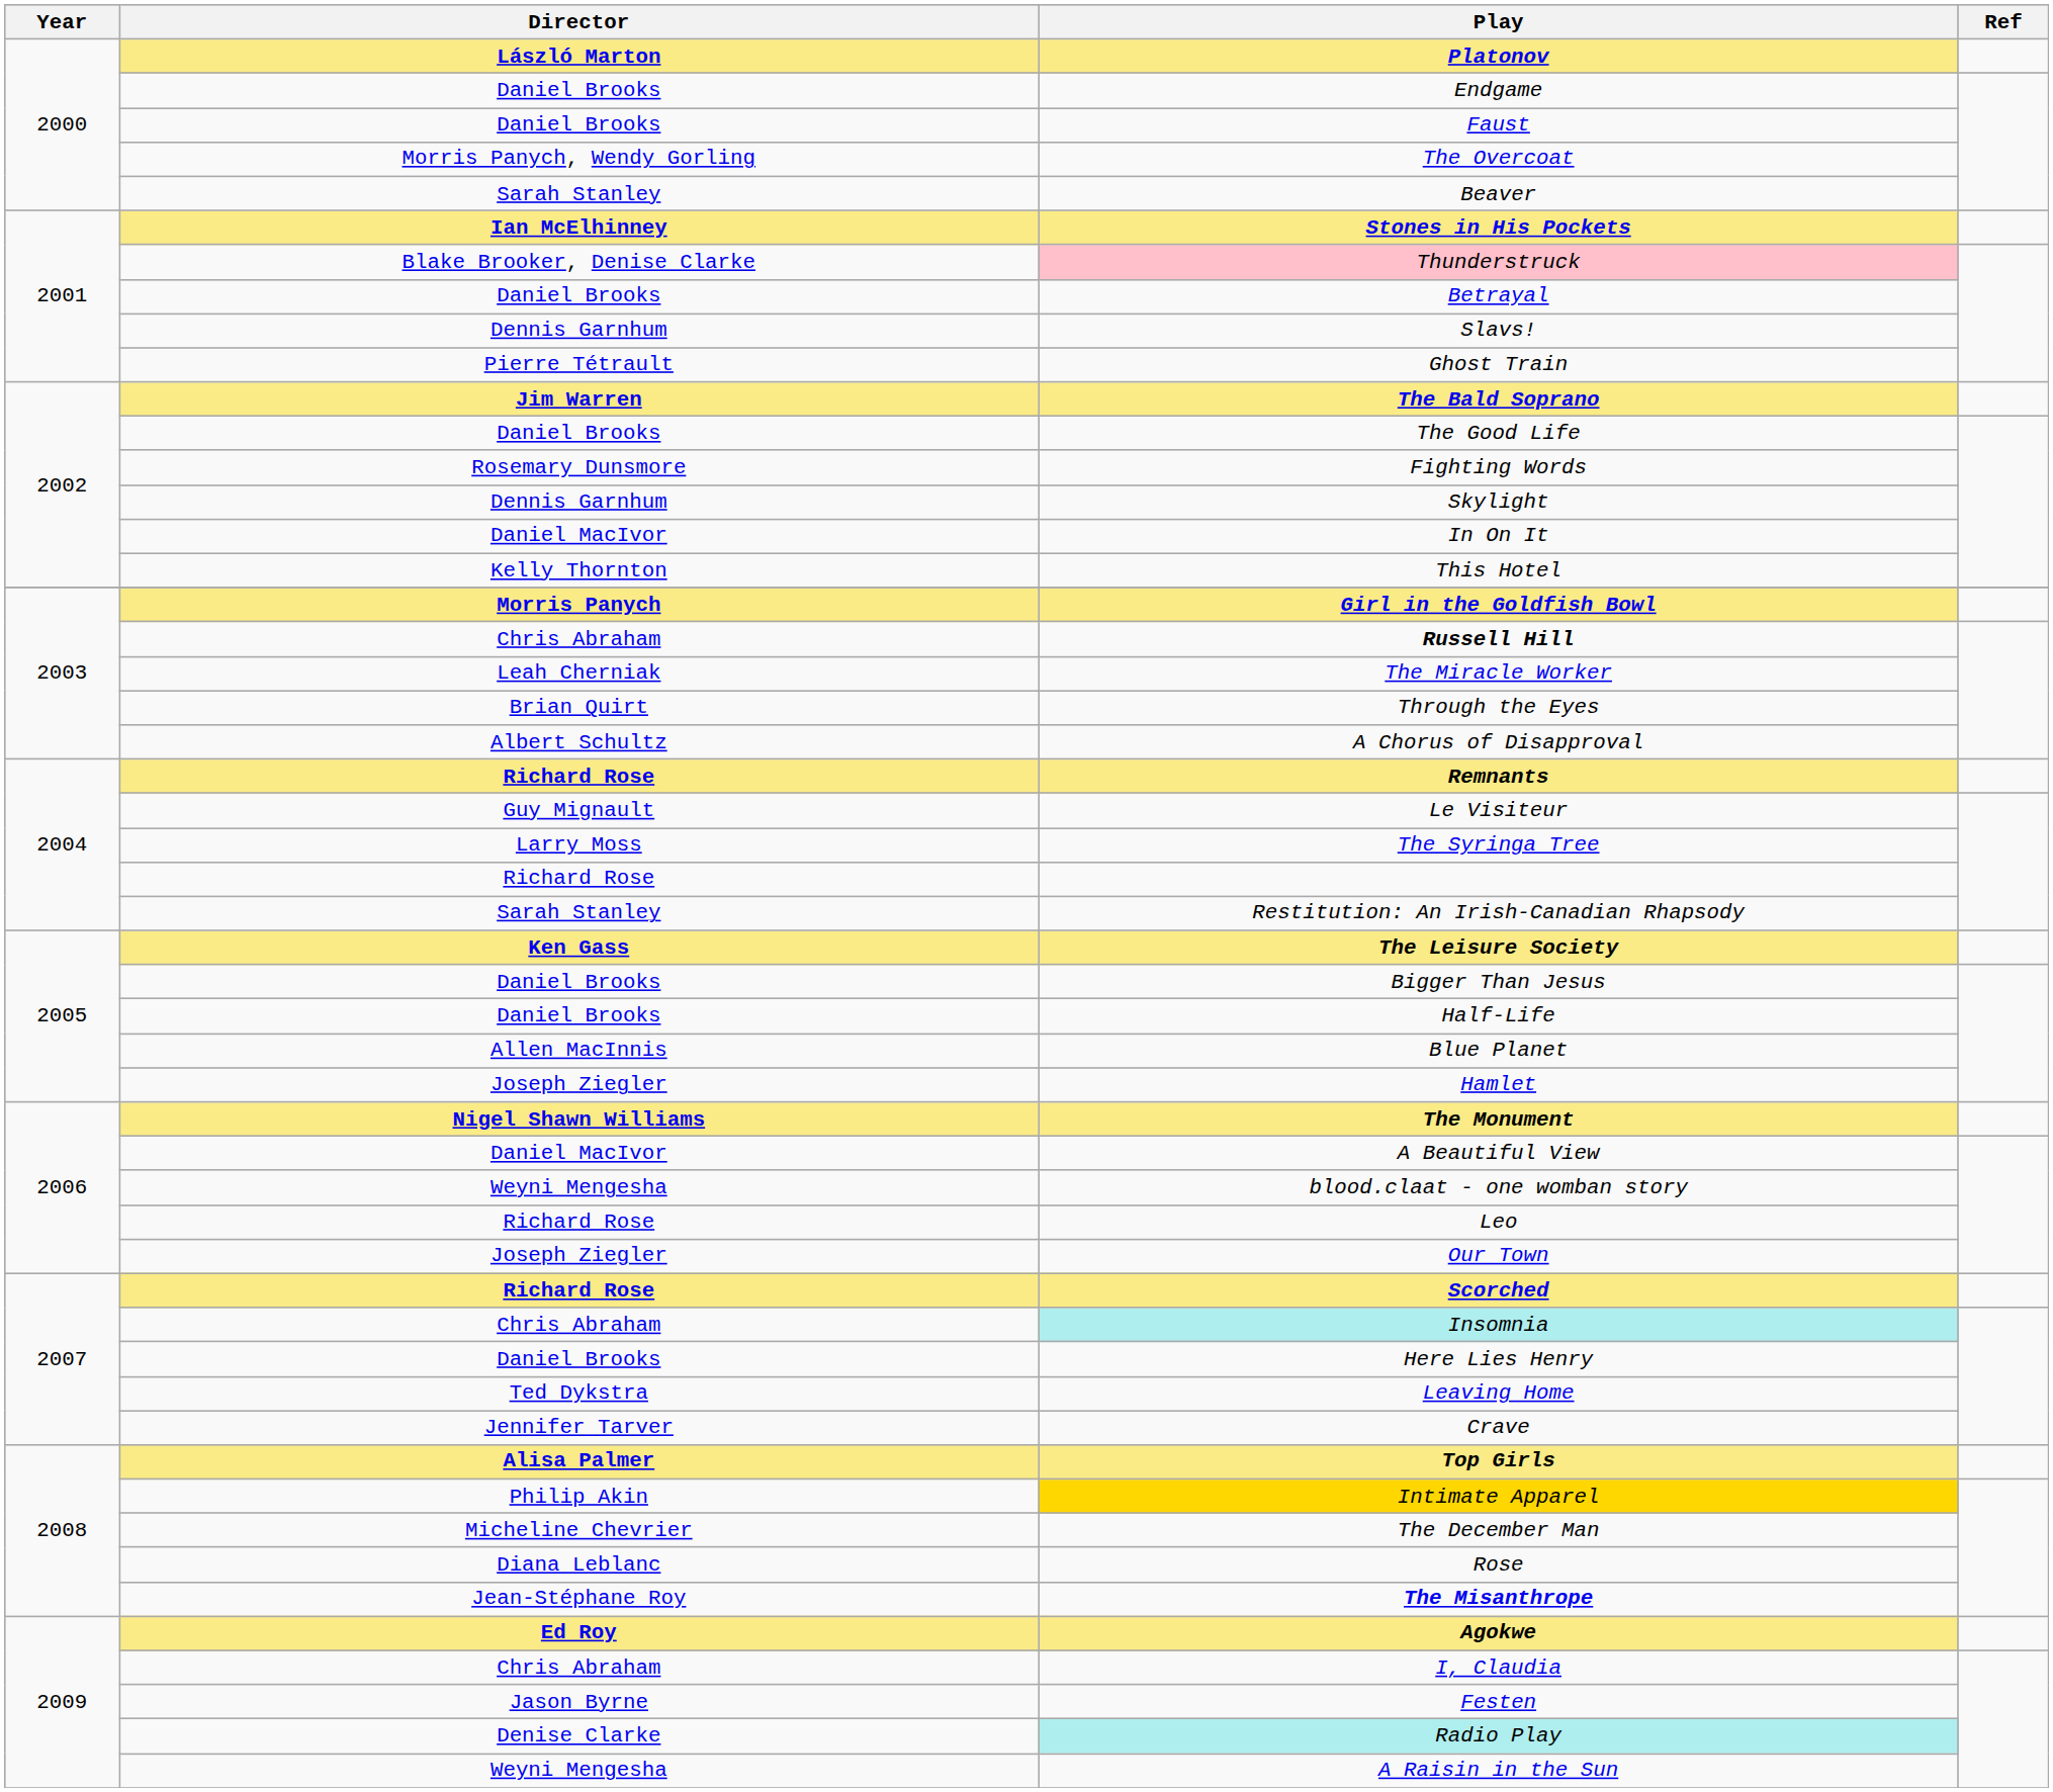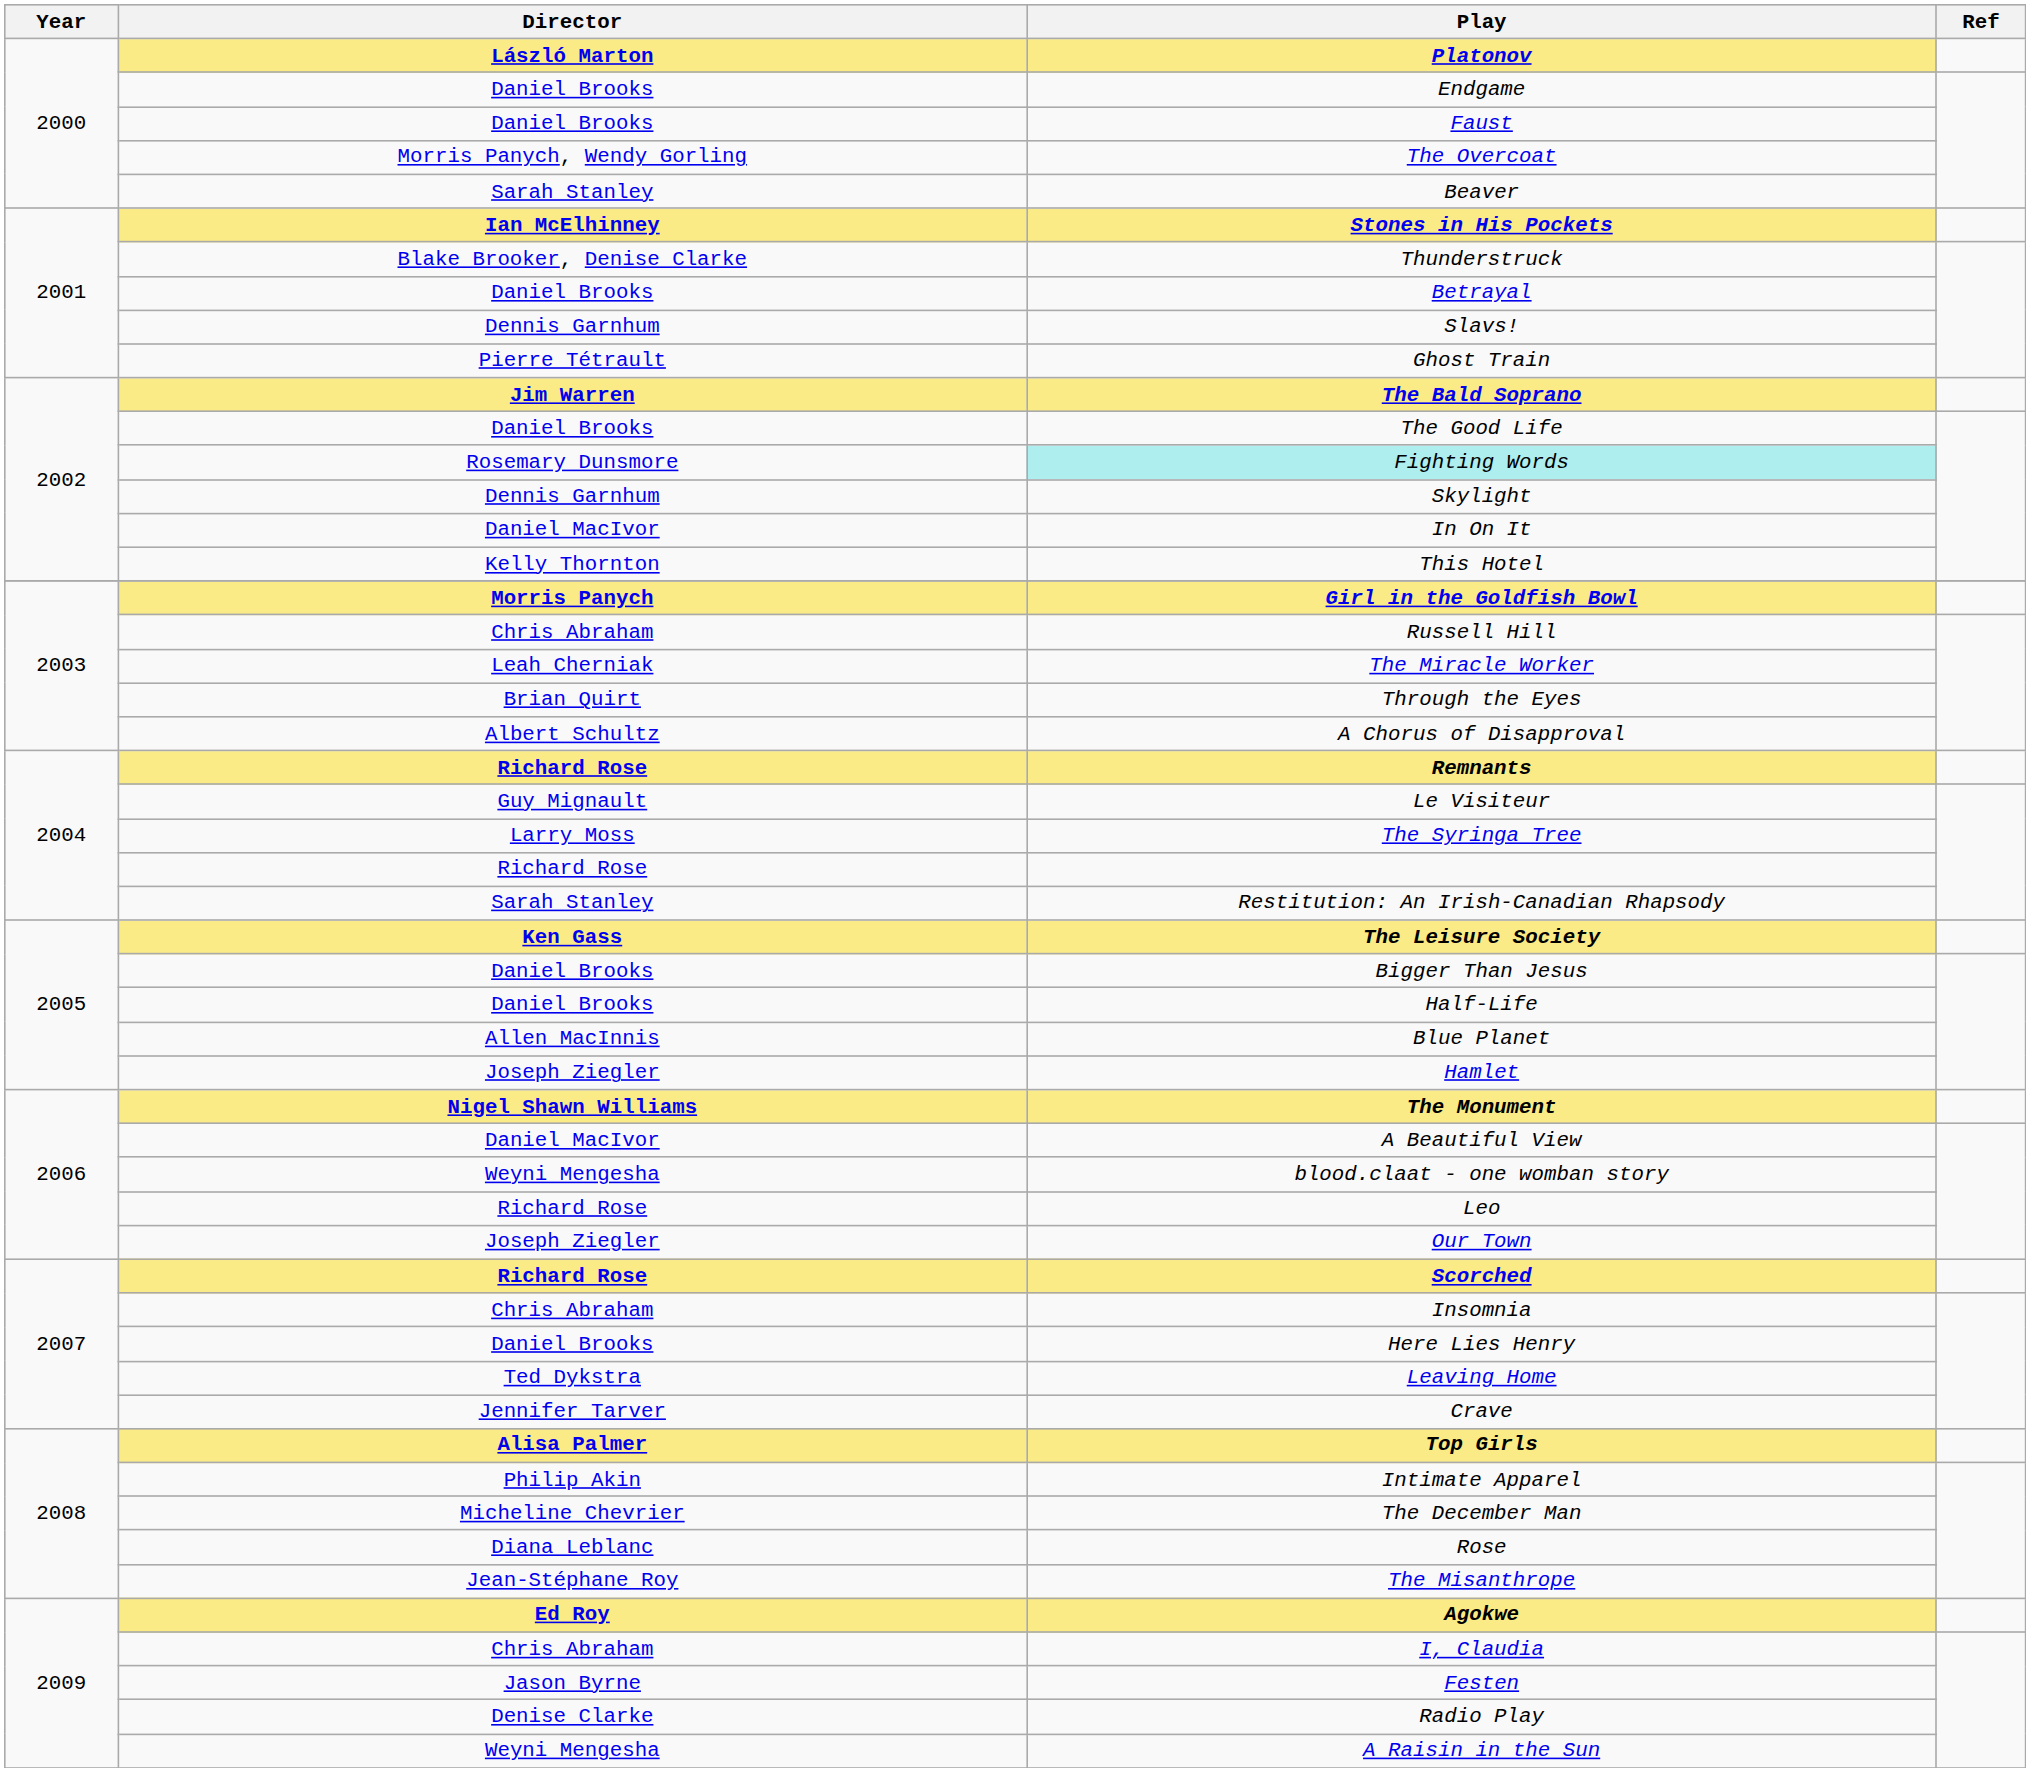 <table class="wikitable" width="100%" style="text-align:center;">
 <tr>
 <th>Year</th>
 <th width="45%">Director</th>
 <th width="45%">Play</th>
 <th>Ref</th>
 </tr>
 <tr>
 <td rowspan=5>2000</td>
 <td style="background:#FAEB86"><strong><a href='#'>László Marton</a></strong></td>
 <td style="background:#FAEB86"><strong><em><a href='#'>Platonov</a></em></strong></td>
 <td></td>
 </tr>
 <tr>
 <td><a href='#'>Daniel Brooks</a></td>
 <td><em>Endgame</em></td>
 <td rowspan=4></td>
 </tr>
 <tr>
 <td><a href='#'>Daniel Brooks</a></td>
 <td><em><a href='#'>Faust</a></em></td>
 </tr>
 <tr>
 <td><a href='#'>Morris Panych</a>, <a href='#'>Wendy Gorling</a></td>
 <td><em><a href='#'>The Overcoat</a></em></td>
 </tr>
 <tr>
 <td><a href='#'>Sarah Stanley</a></td>
 <td><em>Beaver</em></td>
 </tr>
 <tr>
 <td rowspan=5>2001</td>
 <td style="background:#FAEB86"><strong><a href='#'>Ian McElhinney</a></strong></td>
 <td style="background:#FAEB86"><strong><em><a href='#'>Stones in His Pockets</a></em></strong></td>
 <td></td>
 </tr>
 <tr>
 <td><a href='#'>Blake Brooker</a>, <a href='#'>Denise Clarke</a></td>
-<td style="background: pink;"><em>Thunderstruck</em></td>
+<td><em>Thunderstruck</em></td>
 <td rowspan=4></td>
 </tr>
 <tr>
 <td><a href='#'>Daniel Brooks</a></td>
 <td><em><a href='#'>Betrayal</a></em></td>
 </tr>
 <tr>
 <td><a href='#'>Dennis Garnhum</a></td>
 <td><em>Slavs!</em></td>
 </tr>
 <tr>
 <td><a href='#'>Pierre Tétrault</a></td>
 <td><em>Ghost Train</em></td>
 </tr>
 <tr>
 <td rowspan=6>2002</td>
 <td style="background:#FAEB86"><strong><a href='#'>Jim Warren</a></strong></td>
 <td style="background:#FAEB86"><strong><em><a href='#'>The Bald Soprano</a></em></strong></td>
 <td></td>
 </tr>
 <tr>
 <td><a href='#'>Daniel Brooks</a></td>
 <td><em>The Good Life</em></td>
 <td rowspan=5></td>
 </tr>
 <tr>
 <td><a href='#'>Rosemary Dunsmore</a></td>
-<td><em>Fighting Words</em></td>
+<td style="background: paleturquoise;"><em>Fighting Words</em></td>
 </tr>
 <tr>
 <td><a href='#'>Dennis Garnhum</a></td>
 <td><em>Skylight</em></td>
 </tr>
 <tr>
 <td><a href='#'>Daniel MacIvor</a></td>
 <td><em>In On It</em></td>
 </tr>
 <tr>
 <td><a href='#'>Kelly Thornton</a></td>
 <td><em>This Hotel</em></td>
 </tr>
 <tr>
 </tr>
 <tr>
 <td rowspan=5>2003</td>
 <td style="background:#FAEB86"><strong><a href='#'>Morris Panych</a></strong></td>
 <td style="background:#FAEB86"><strong><em><a href='#'>Girl in the Goldfish Bowl</a></em></strong></td>
 <td></td>
 </tr>
 <tr>
 <td><a href='#'>Chris Abraham</a></td>
-<td><strong><em>Russell Hill</em></strong></td>
+<td><em>Russell Hill</em></td>
 <td rowspan=4></td>
 </tr>
 <tr>
 <td><a href='#'>Leah Cherniak</a></td>
 <td><em><a href='#'>The Miracle Worker</a></em></td>
 </tr>
 <tr>
 <td><a href='#'>Brian Quirt</a></td>
 <td><em>Through the Eyes</em></td>
 </tr>
 <tr>
 <td><a href='#'>Albert Schultz</a></td>
 <td><em>A Chorus of Disapproval</em></td>
 </tr>
 <tr>
 <td rowspan=5>2004</td>
 <td style="background:#FAEB86"><strong><a href='#'>Richard Rose</a></strong></td>
 <td style="background:#FAEB86"><strong><em>Remnants</em></strong></td>
 <td></td>
 </tr>
 <tr>
 <td><a href='#'>Guy Mignault</a></td>
 <td><em>Le Visiteur</em></td>
 <td rowspan=4></td>
 </tr>
 <tr>
 <td><a href='#'>Larry Moss</a></td>
 <td><em><a href='#'>The Syringa Tree</a></em></td>
 </tr>
 <tr>
 <td><a href='#'>Richard Rose</a></td>
 <td><em></em></td>
 </tr>
 <tr>
 <td><a href='#'>Sarah Stanley</a></td>
 <td><em>Restitution: An Irish-Canadian Rhapsody</em></td>
 </tr>
 <tr>
 <td rowspan=5>2005</td>
 <td style="background:#FAEB86"><strong><a href='#'>Ken Gass</a></strong></td>
 <td style="background:#FAEB86"><strong><em>The Leisure Society</em></strong></td>
 <td></td>
 </tr>
 <tr>
 <td><a href='#'>Daniel Brooks</a></td>
 <td><em>Bigger Than Jesus</em></td>
 <td rowspan=4></td>
 </tr>
 <tr>
 <td><a href='#'>Daniel Brooks</a></td>
 <td><em>Half-Life</em></td>
 </tr>
 <tr>
 <td><a href='#'>Allen MacInnis</a></td>
 <td><em>Blue Planet</em></td>
 </tr>
 <tr>
 <td><a href='#'>Joseph Ziegler</a></td>
 <td><em><a href='#'>Hamlet</a></em></td>
 </tr>
 <tr>
 <td rowspan=5>2006</td>
 <td style="background:#FAEB86"><strong><a href='#'>Nigel Shawn Williams</a></strong></td>
 <td style="background:#FAEB86"><strong><em>The Monument</em></strong></td>
 <td></td>
 </tr>
 <tr>
 <td><a href='#'>Daniel MacIvor</a></td>
 <td><em>A Beautiful View</em></td>
 <td rowspan=4></td>
 </tr>
 <tr>
 <td><a href='#'>Weyni Mengesha</a></td>
 <td><em>blood.claat - one womban story</em></td>
 </tr>
 <tr>
 <td><a href='#'>Richard Rose</a></td>
 <td><em>Leo</em></td>
 </tr>
 <tr>
 <td><a href='#'>Joseph Ziegler</a></td>
 <td><em><a href='#'>Our Town</a></em></td>
 </tr>
 <tr>
 <td rowspan=5>2007</td>
 <td style="background:#FAEB86"><strong><a href='#'>Richard Rose</a></strong></td>
 <td style="background:#FAEB86"><strong><em><a href='#'>Scorched</a></em></strong></td>
 <td></td>
 </tr>
 <tr>
 <td><a href='#'>Chris Abraham</a></td>
-<td style="background: paleturquoise;"><em>Insomnia</em></td>
+<td><em>Insomnia</em></td>
 <td rowspan=4></td>
 </tr>
 <tr>
 <td><a href='#'>Daniel Brooks</a></td>
 <td><em>Here Lies Henry</em></td>
 </tr>
 <tr>
 <td><a href='#'>Ted Dykstra</a></td>
 <td><em><a href='#'>Leaving Home</a></em></td>
 </tr>
 <tr>
 <td><a href='#'>Jennifer Tarver</a></td>
 <td><em>Crave</em></td>
 </tr>
 <tr>
 <td rowspan=5>2008</td>
 <td style="background:#FAEB86"><strong><a href='#'>Alisa Palmer</a></strong></td>
 <td style="background:#FAEB86"><strong><em>Top Girls</em></strong></td>
 <td></td>
 </tr>
 <tr>
 <td><a href='#'>Philip Akin</a></td>
-<td style="background: gold;"><em>Intimate Apparel</em></td>
+<td><em>Intimate Apparel</em></td>
 <td rowspan=4></td>
 </tr>
 <tr>
 <td><a href='#'>Micheline Chevrier</a></td>
 <td><em>The December Man</em></td>
 </tr>
 <tr>
 <td><a href='#'>Diana Leblanc</a></td>
 <td><em>Rose</em></td>
 </tr>
 <tr>
 <td><a href='#'>Jean-Stéphane Roy</a></td>
-<td><strong><em><a href='#'>The Misanthrope</a></em></strong></td>
+<td><em><a href='#'>The Misanthrope</a></em></td>
 </tr>
 <tr>
 <td rowspan=5>2009</td>
 <td style="background:#FAEB86"><strong><a href='#'>Ed Roy</a></strong></td>
 <td style="background:#FAEB86"><strong><em>Agokwe</em></strong></td>
 <td></td>
 </tr>
 <tr>
 <td><a href='#'>Chris Abraham</a></td>
 <td><em><a href='#'>I, Claudia</a></em></td>
 <td rowspan=4></td>
 </tr>
 <tr>
 <td><a href='#'>Jason Byrne</a></td>
 <td><em><a href='#'>Festen</a></em></td>
 </tr>
 <tr>
 <td><a href='#'>Denise Clarke</a></td>
-<td style="background: paleturquoise;"><em>Radio Play</em></td>
+<td><em>Radio Play</em></td>
 </tr>
 <tr>
 <td><a href='#'>Weyni Mengesha</a></td>
 <td><em><a href='#'>A Raisin in the Sun</a></em></td>
 </tr>
 </table>
